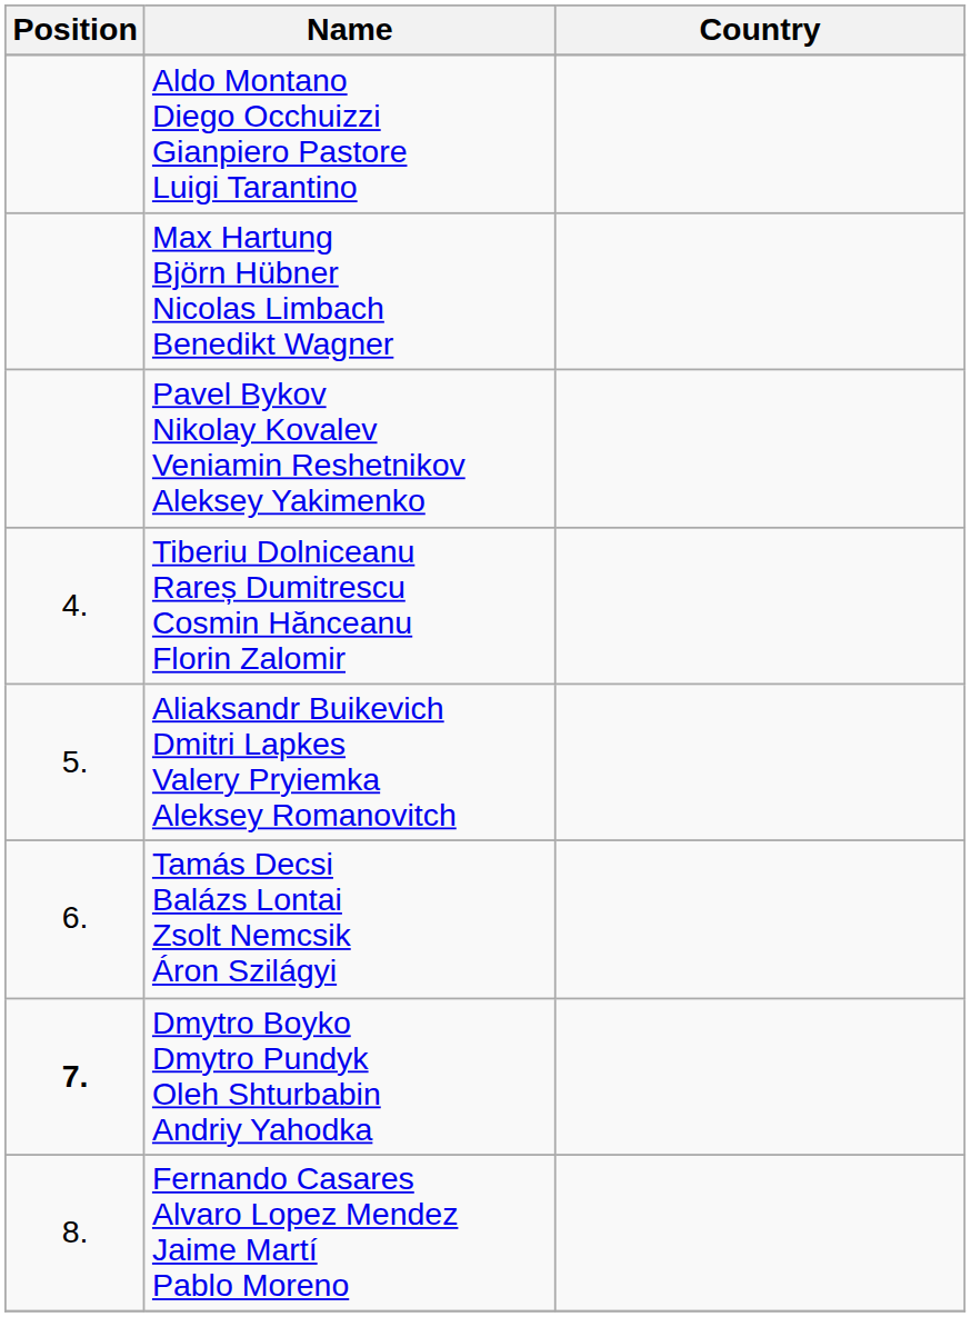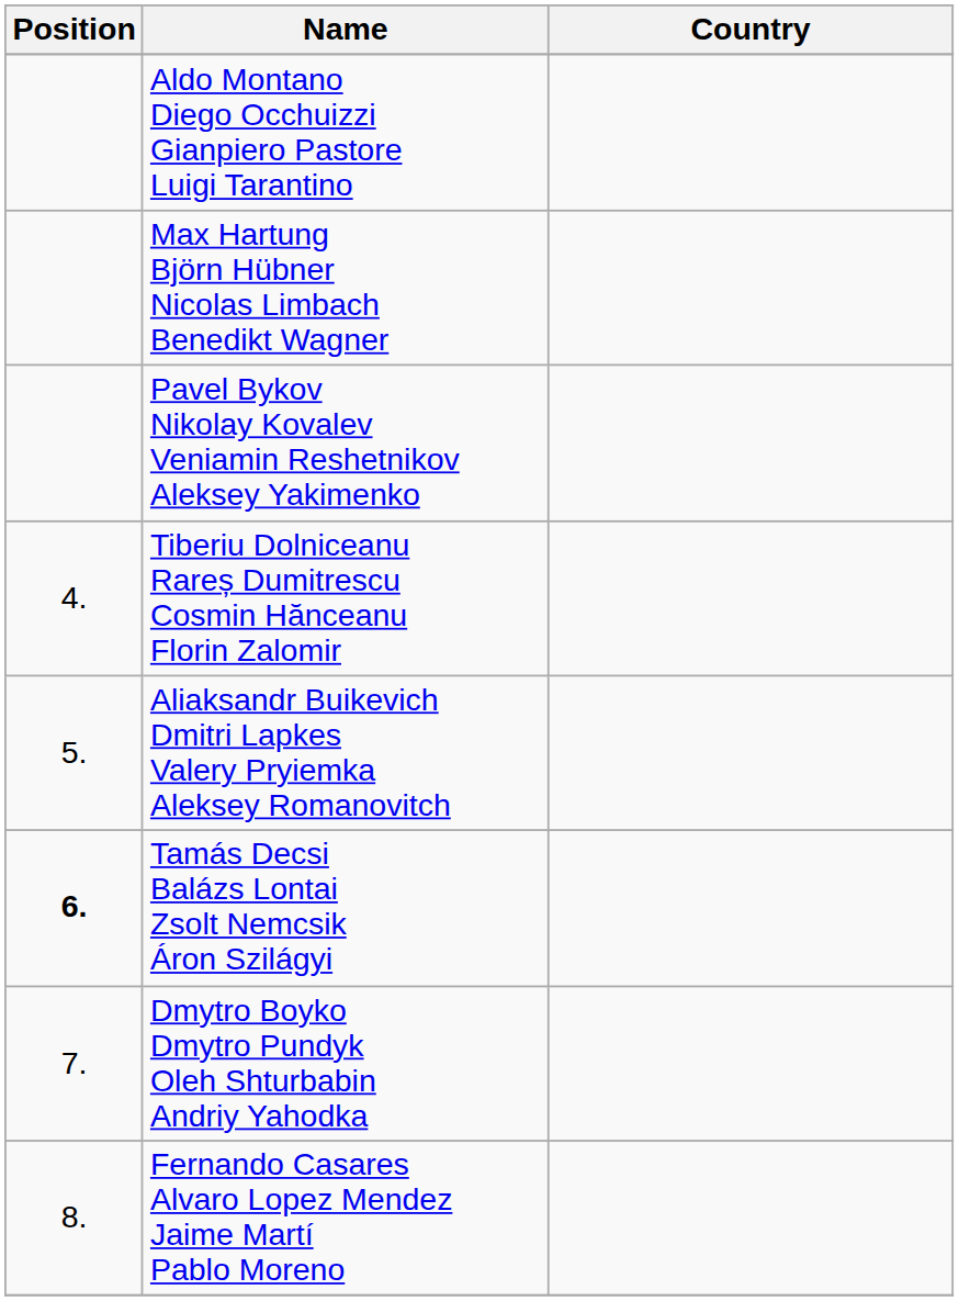 <table class="wikitable">
 <tr>
 <th width="20">Position</th>
 <th width="200">Name</th>
 <th width="200">Country</th>
 </tr>
 <tr>
 </tr>
 <tr>
 <td align="center"></td>
 <td><a href='#'>Aldo Montano</a><br><a href='#'>Diego Occhuizzi</a><br><a href='#'>Gianpiero Pastore</a><br><a href='#'>Luigi Tarantino</a></td>
 <td></td>
 </tr>
 <tr>
 <td align="center"></td>
 <td><a href='#'>Max Hartung</a><br><a href='#'>Björn Hübner</a><br><a href='#'>Nicolas Limbach</a><br><a href='#'>Benedikt Wagner</a></td>
 <td></td>
 </tr>
 <tr>
 <td align="center"></td>
 <td><a href='#'>Pavel Bykov</a><br><a href='#'>Nikolay Kovalev</a><br><a href='#'>Veniamin Reshetnikov</a><br><a href='#'>Aleksey Yakimenko</a></td>
 <td></td>
 </tr>
 <tr>
 <td align="center">4.</td>
 <td><a href='#'>Tiberiu Dolniceanu</a><br><a href='#'>Rareș Dumitrescu</a><br><a href='#'>Cosmin Hănceanu</a><br><a href='#'>Florin Zalomir</a></td>
 <td></td>
 </tr>
 <tr>
 <td align="center">5.</td>
 <td><a href='#'>Aliaksandr Buikevich</a><br><a href='#'>Dmitri Lapkes</a><br><a href='#'>Valery Pryiemka</a><br><a href='#'>Aleksey Romanovitch</a></td>
 <td></td>
 </tr>
 <tr>
-<td align="center">6.</td>
+<td align="center"><strong>6.</strong></td>
 <td><a href='#'>Tamás Decsi</a><br><a href='#'>Balázs Lontai</a><br><a href='#'>Zsolt Nemcsik</a><br><a href='#'>Áron Szilágyi</a></td>
 <td></td>
 </tr>
 <tr>
-<td align="center"><strong>7.</strong></td>
+<td align="center">7.</td>
 <td><a href='#'>Dmytro Boyko</a><br><a href='#'>Dmytro Pundyk</a><br><a href='#'>Oleh Shturbabin</a><br><a href='#'>Andriy Yahodka</a></td>
 <td></td>
 </tr>
 <tr>
 <td align="center">8.</td>
 <td><a href='#'>Fernando Casares</a><br><a href='#'>Alvaro Lopez Mendez</a><br><a href='#'>Jaime Martí</a><br><a href='#'>Pablo Moreno</a></td>
 <td></td>
 </tr>
 <tr>
 </tr>
 </table>
